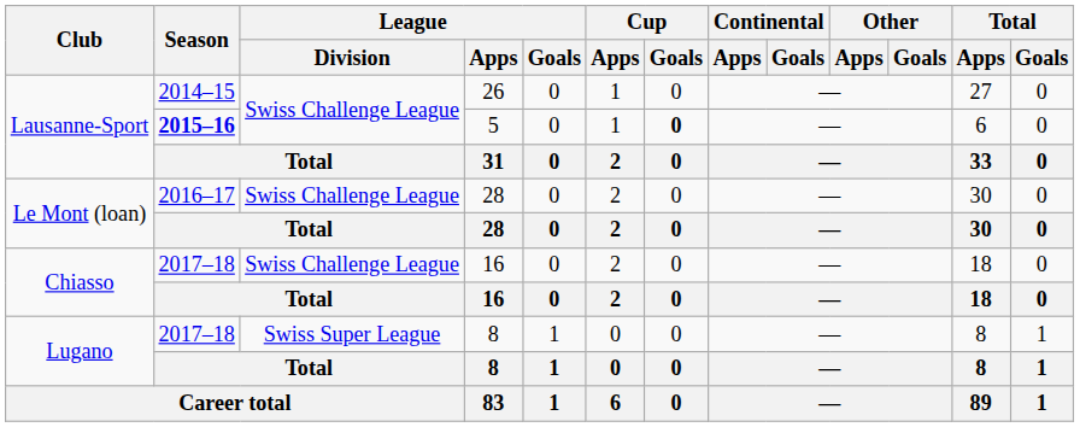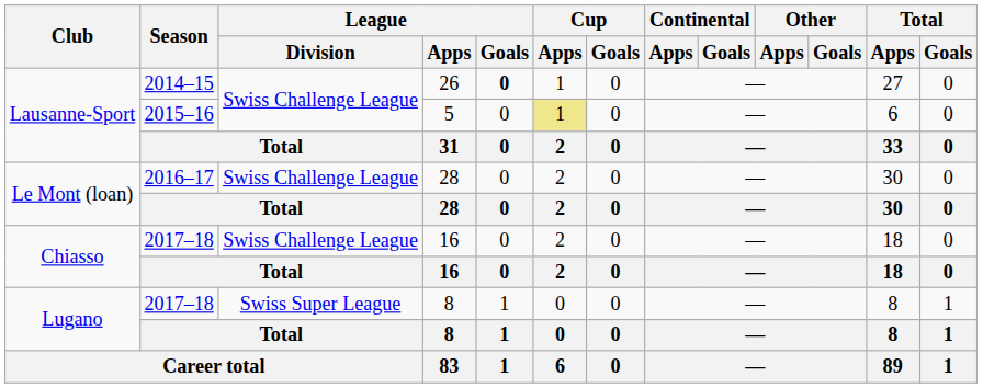 <table class="wikitable" style="text-align:center">
 <tr>
 <th rowspan="2">Club</th>
 <th rowspan="2">Season</th>
 <th colspan="3">League</th>
 <th colspan="2">Cup</th>
 <th colspan="2">Continental</th>
 <th colspan="2">Other</th>
 <th colspan="2">Total</th>
 </tr>
 <tr>
 <th>Division</th>
 <th>Apps</th>
 <th>Goals</th>
 <th>Apps</th>
 <th>Goals</th>
 <th>Apps</th>
 <th>Goals</th>
 <th>Apps</th>
 <th>Goals</th>
 <th>Apps</th>
 <th>Goals</th>
 </tr>
 <tr>
 <td rowspan="3" valign="center"><a href='#'>Lausanne-Sport</a></td>
 <td><a href='#'>2014–15</a></td>
 <td rowspan="2"><a href='#'>Swiss Challenge League</a></td>
 <td>26</td>
-<td>0</td>
+<td><strong>0</strong></td>
 <td>1</td>
 <td>0</td>
 <td colspan="4">—</td>
 <td>27</td>
 <td>0</td>
 </tr>
 <tr>
-<td><strong><a href='#'>2015–16</a></strong></td>
+<td><a href='#'>2015–16</a></td>
 <td>5</td>
 <td>0</td>
-<td>1</td>
-<td><strong>0</strong></td>
+<td style="background: khaki;">1</td>
+<td>0</td>
 <td colspan="4">—</td>
 <td>6</td>
 <td>0</td>
 </tr>
 <tr>
 <th colspan="2" valign="center">Total</th>
 <th>31</th>
 <th>0</th>
 <th>2</th>
 <th>0</th>
 <th colspan="4">—</th>
 <th>33</th>
 <th>0</th>
 </tr>
 <tr>
 <td rowspan="2" valign="center"><a href='#'>Le Mont</a> (loan)</td>
 <td><a href='#'>2016–17</a></td>
 <td><a href='#'>Swiss Challenge League</a></td>
 <td>28</td>
 <td>0</td>
 <td>2</td>
 <td>0</td>
 <td colspan="4">—</td>
 <td>30</td>
 <td>0</td>
 </tr>
 <tr>
 <th colspan="2">Total</th>
 <th>28</th>
 <th>0</th>
 <th>2</th>
 <th>0</th>
 <th colspan="4">—</th>
 <th>30</th>
 <th>0</th>
 </tr>
 <tr>
 <td rowspan="2" valign="center"><a href='#'>Chiasso</a></td>
 <td><a href='#'>2017–18</a></td>
 <td><a href='#'>Swiss Challenge League</a></td>
 <td>16</td>
 <td>0</td>
 <td>2</td>
 <td>0</td>
 <td colspan="4">—</td>
 <td>18</td>
 <td>0</td>
 </tr>
 <tr>
 <th colspan="2">Total</th>
 <th>16</th>
 <th>0</th>
 <th>2</th>
 <th>0</th>
 <th colspan="4">—</th>
 <th>18</th>
 <th>0</th>
 </tr>
 <tr>
 <td rowspan="2" valign="center"><a href='#'>Lugano</a></td>
 <td><a href='#'>2017–18</a></td>
 <td><a href='#'>Swiss Super League</a></td>
 <td>8</td>
 <td>1</td>
 <td>0</td>
 <td>0</td>
 <td colspan="4">—</td>
 <td>8</td>
 <td>1</td>
 </tr>
 <tr>
 <th colspan="2">Total</th>
 <th>8</th>
 <th>1</th>
 <th>0</th>
 <th>0</th>
 <th colspan="4">—</th>
 <th>8</th>
 <th>1</th>
 </tr>
 <tr>
 <th colspan="3">Career total</th>
 <th>83</th>
 <th>1</th>
 <th>6</th>
 <th>0</th>
 <th colspan="4">—</th>
 <th>89</th>
 <th>1</th>
 </tr>
 </table>
